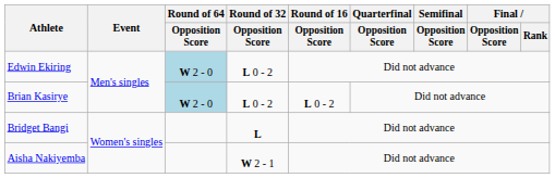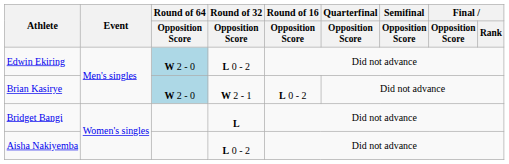 <table class=wikitable style="font-size:90%">
 <tr>
 <th rowspan=2>Athlete</th>
 <th rowspan=2>Event</th>
 <th>Round of 64</th>
 <th>Round of 32</th>
 <th>Round of 16</th>
 <th>Quarterfinal</th>
 <th>Semifinal</th>
 <th colspan=2>Final / </th>
 </tr>
 <tr style="font-size:95%">
 <th>Opposition<br>Score</th>
 <th>Opposition<br>Score</th>
 <th>Opposition<br>Score</th>
 <th>Opposition<br>Score</th>
 <th>Opposition<br>Score</th>
 <th>Opposition<br>Score</th>
 <th>Rank</th>
 </tr>
 <tr align=center>
 <td align=left><a href='#'>Edwin Ekiring</a></td>
 <td align=left rowspan=2><a href='#'>Men's singles</a></td>
 <td style="background: lightblue;"><br><strong>W</strong> 2 - 0</td>
 <td><br><strong>L</strong> 0 - 2</td>
 <td colspan=5>Did not advance</td>
 </tr>
 <tr align=center>
 <td align=left><a href='#'>Brian Kasirye</a></td>
 <td style="background: lightblue;"><br><strong>W</strong> 2 - 0</td>
-<td><br><strong>L</strong> 0 - 2</td>
+<td><br><strong>W</strong> 2 - 1</td>
 <td><br><strong>L</strong> 0 - 2</td>
 <td colspan=4>Did not advance</td>
 </tr>
 <tr align=center>
 <td align=left><a href='#'>Bridget Bangi</a></td>
 <td align=left rowspan=2><a href='#'>Women's singles</a></td>
 <td></td>
 <td><br><strong>L</strong> </td>
 <td colspan=5>Did not advance</td>
 </tr>
 <tr align=center>
 <td align=left><a href='#'>Aisha Nakiyemba</a></td>
 <td></td>
-<td><br><strong>W</strong> 2 - 1</td>
+<td><br><strong>L</strong> 0 - 2</td>
 <td colspan=5>Did not advance</td>
 </tr>
 </table>
